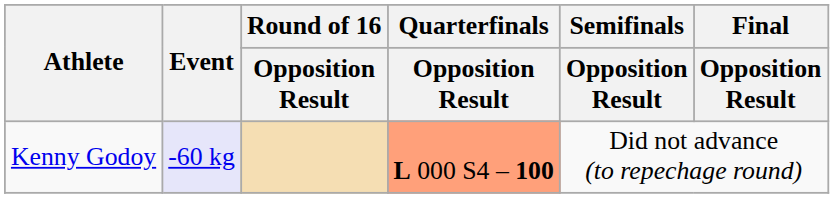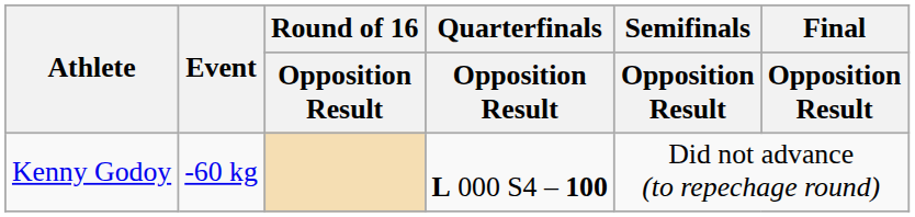 <table class="wikitable" style="font-size:90%">
 <tr>
 <th rowspan="2">Athlete</th>
 <th rowspan="2">Event</th>
 <th>Round of 16</th>
 <th>Quarterfinals</th>
 <th>Semifinals</th>
 <th>Final</th>
 </tr>
 <tr>
 <th>Opposition<br>Result</th>
 <th>Opposition<br>Result</th>
 <th>Opposition<br>Result</th>
 <th>Opposition<br>Result</th>
 </tr>
 <tr>
 <td><a href='#'>Kenny Godoy</a></td>
-<td style="background: lavender;"><a href='#'>-60 kg</a></td>
+<td><a href='#'>-60 kg</a></td>
 <td align="center" bgcolor=wheat></td>
-<td align=center style="background: lightsalmon;"><br><strong>L</strong> 000 S4 – <strong>100</strong></td>
+<td align=center><br><strong>L</strong> 000 S4 – <strong>100</strong></td>
 <td align=center colspan="5">Did not advance<br><em>(to repechage round)</em></td>
 </tr>
 </table>
